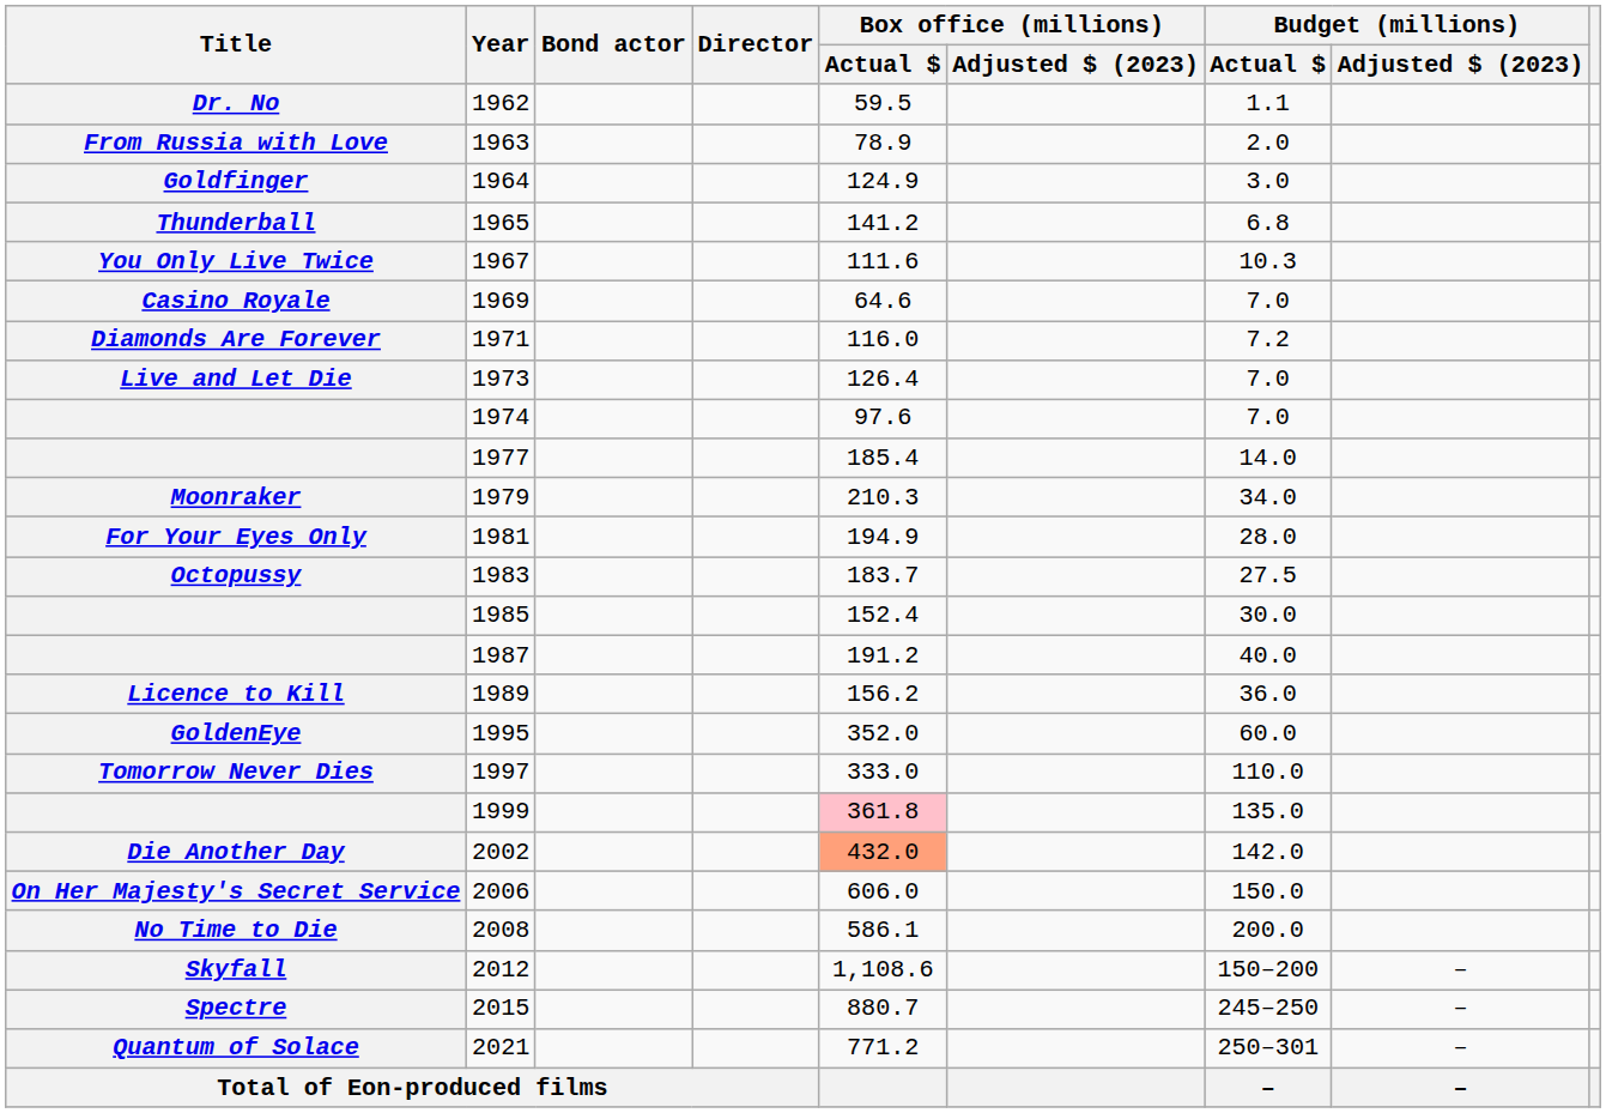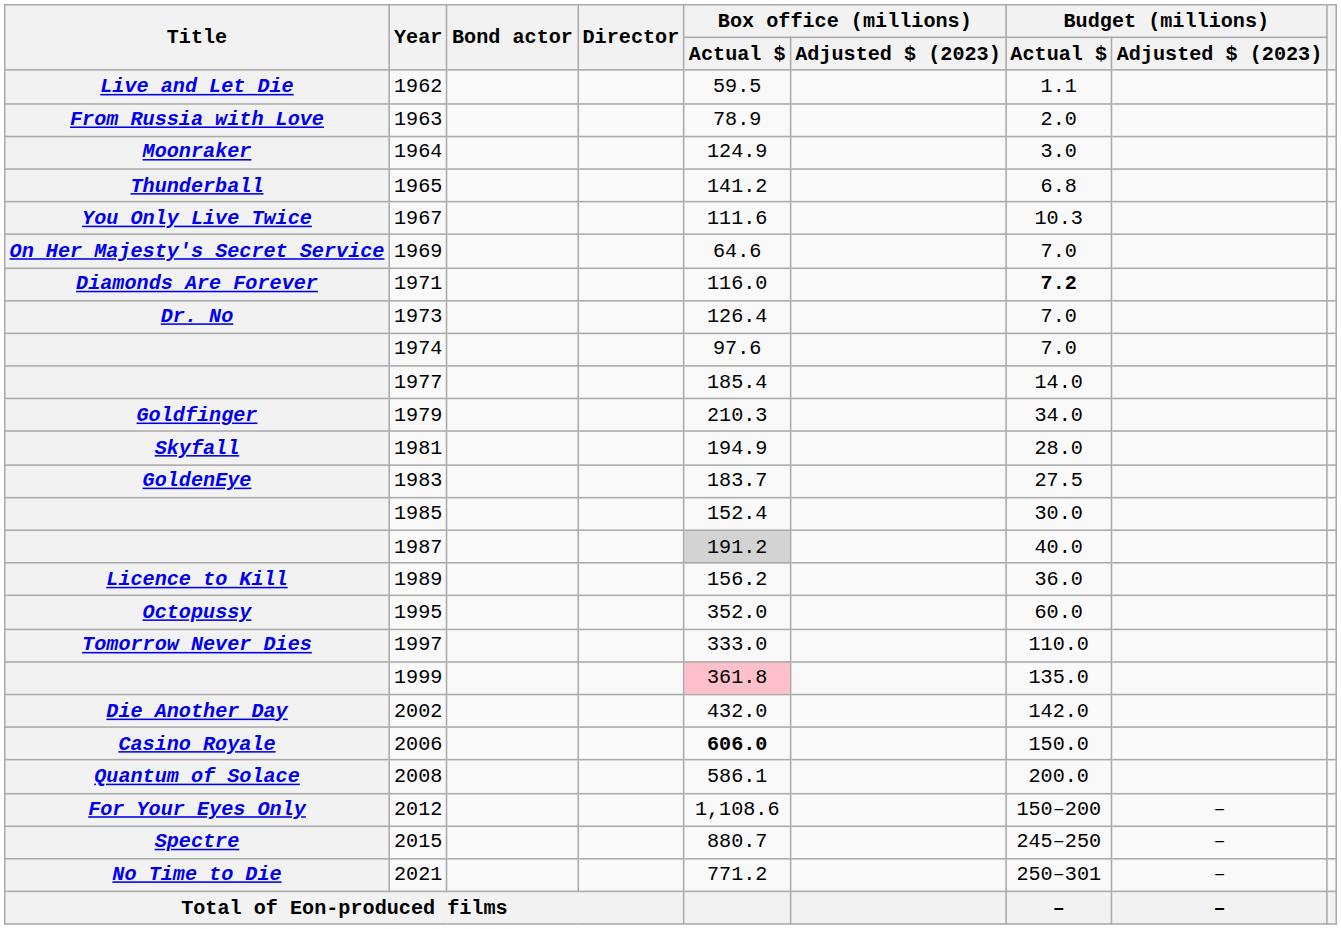 <table class="wikitable plainrowheaders sortable sticky-header-multi" style="text-align:center; ">
 <tr>
 <th rowspan="2" scope="col">Title</th>
 <th rowspan="2" scope="col">Year</th>
 <th rowspan="2" scope="col">Bond actor</th>
 <th rowspan="2" scope="col">Director</th>
 <th colspan="2" class="unsortable">Box office (millions)</th>
 <th colspan="2" class="unsortable">Budget (millions)</th>
 <th scope="col" rowspan="2" class="unsortable"></th>
 </tr>
 <tr class="unsortable">
 <th scope="col" data-sort-type="number">Actual $</th>
 <th scope="col" data-sort-type="number">Adjusted $ (2023)</th>
 <th scope="col" data-sort-type="number">Actual $</th>
 <th scope="col" data-sort-type="number">Adjusted $ (2023)</th>
 </tr>
 <tr>
-<th scope="row" ><em><a href='#'>Dr. No</a></em></th>
+<th scope="row"><em><a href='#'>Live and Let Die</a></em></th>
 <td>1962</td>
 <td></td>
 <td></td>
 <td>59.5</td>
 <td></td>
 <td>1.1</td>
 <td></td>
 <td></td>
 </tr>
 <tr>
 <th scope="row"><em><a href='#'>From Russia with Love</a></em></th>
 <td>1963</td>
 <td></td>
 <td></td>
 <td>78.9</td>
 <td></td>
 <td>2.0</td>
 <td></td>
 <td></td>
 </tr>
 <tr>
-<th scope="row"><em><a href='#'>Goldfinger</a></em></th>
+<th scope="row"><em><a href='#'>Moonraker</a></em></th>
 <td>1964</td>
 <td></td>
 <td></td>
 <td>124.9</td>
 <td></td>
 <td>3.0</td>
 <td></td>
 <td></td>
 </tr>
 <tr>
 <th scope="row"><em><a href='#'>Thunderball</a></em></th>
 <td>1965</td>
 <td></td>
 <td></td>
 <td>141.2</td>
 <td></td>
 <td>6.8</td>
 <td></td>
 <td></td>
 </tr>
 <tr>
 <th scope="row"><em><a href='#'>You Only Live Twice</a></em></th>
 <td>1967</td>
 <td></td>
 <td></td>
 <td>111.6</td>
 <td></td>
 <td>10.3</td>
 <td></td>
 <td></td>
 </tr>
 <tr>
-<th scope="row"><em><a href='#'>Casino Royale</a></em></th>
+<th scope="row"><em><a href='#'>On Her Majesty's Secret Service</a></em></th>
 <td>1969</td>
 <td></td>
 <td></td>
 <td>64.6</td>
 <td></td>
 <td>7.0</td>
 <td></td>
 <td></td>
 </tr>
 <tr>
 <th scope="row"><em><a href='#'>Diamonds Are Forever</a></em></th>
 <td>1971</td>
 <td></td>
 <td></td>
 <td>116.0</td>
 <td></td>
-<td>7.2</td>
+<td><strong>7.2</strong></td>
 <td></td>
 <td></td>
 </tr>
 <tr>
-<th scope="row"><em><a href='#'>Live and Let Die</a></em></th>
+<th scope="row" ><em><a href='#'>Dr. No</a></em></th>
 <td>1973</td>
 <td></td>
 <td></td>
 <td>126.4</td>
 <td></td>
 <td>7.0</td>
 <td></td>
 <td></td>
 </tr>
 <tr>
 <th scope="row"><em></em></th>
 <td>1974</td>
 <td></td>
 <td></td>
 <td>97.6</td>
 <td></td>
 <td>7.0</td>
 <td></td>
 <td></td>
 </tr>
 <tr>
 <th scope="row"><em></em></th>
 <td>1977</td>
 <td></td>
 <td></td>
 <td>185.4</td>
 <td></td>
 <td>14.0</td>
 <td></td>
 <td></td>
 </tr>
 <tr>
-<th scope="row"><em><a href='#'>Moonraker</a></em></th>
+<th scope="row"><em><a href='#'>Goldfinger</a></em></th>
 <td>1979</td>
 <td></td>
 <td></td>
 <td>210.3</td>
 <td></td>
 <td>34.0</td>
 <td></td>
 <td></td>
 </tr>
 <tr>
-<th scope="row"><em><a href='#'>For Your Eyes Only</a></em></th>
+<th scope="row"><em><a href='#'>Skyfall</a></em></th>
 <td>1981</td>
 <td></td>
 <td></td>
 <td>194.9</td>
 <td></td>
 <td>28.0</td>
 <td></td>
 <td></td>
 </tr>
 <tr>
-<th scope="row"><em><a href='#'>Octopussy</a></em></th>
+<th scope="row"><em><a href='#'>GoldenEye</a></em></th>
 <td>1983</td>
 <td></td>
 <td></td>
 <td>183.7</td>
 <td></td>
 <td>27.5</td>
 <td></td>
 <td></td>
 </tr>
 <tr>
 <th scope="row"><em></em></th>
 <td>1985</td>
 <td></td>
 <td></td>
 <td>152.4</td>
 <td></td>
 <td>30.0</td>
 <td></td>
 <td></td>
 </tr>
 <tr>
 <th scope="row"><em></em></th>
 <td>1987</td>
 <td></td>
 <td></td>
-<td>191.2</td>
+<td style="background: lightgrey;">191.2</td>
 <td></td>
 <td>40.0</td>
 <td></td>
 <td></td>
 </tr>
 <tr>
 <th scope="row"><em><a href='#'>Licence to Kill</a></em></th>
 <td>1989</td>
 <td></td>
 <td></td>
 <td>156.2</td>
 <td></td>
 <td>36.0</td>
 <td></td>
 <td></td>
 </tr>
 <tr>
-<th scope="row"><em><a href='#'>GoldenEye</a></em></th>
+<th scope="row"><em><a href='#'>Octopussy</a></em></th>
 <td>1995</td>
 <td></td>
 <td></td>
 <td>352.0</td>
 <td></td>
 <td>60.0</td>
 <td></td>
 <td></td>
 </tr>
 <tr>
 <th scope="row"><em><a href='#'>Tomorrow Never Dies</a></em></th>
 <td>1997</td>
 <td></td>
 <td></td>
 <td>333.0</td>
 <td></td>
 <td>110.0</td>
 <td></td>
 <td></td>
 </tr>
 <tr>
 <th scope="row"><em></em></th>
 <td>1999</td>
 <td></td>
 <td></td>
 <td style="background: pink;">361.8</td>
 <td></td>
 <td>135.0</td>
 <td></td>
 <td></td>
 </tr>
 <tr>
 <th scope="row"><em><a href='#'>Die Another Day</a></em></th>
 <td>2002</td>
 <td></td>
 <td></td>
-<td style="background: lightsalmon;">432.0</td>
+<td>432.0</td>
 <td></td>
 <td>142.0</td>
 <td></td>
 <td></td>
 </tr>
 <tr>
-<th scope="row"><em><a href='#'>On Her Majesty's Secret Service</a></em></th>
+<th scope="row"><em><a href='#'>Casino Royale</a></em></th>
 <td>2006</td>
 <td></td>
 <td></td>
-<td>606.0 </td>
+<td><strong>606.0 </strong></td>
 <td></td>
 <td>150.0</td>
 <td></td>
 <td></td>
 </tr>
 <tr>
-<th scope="row"><em><a href='#'>No Time to Die</a></em></th>
+<th scope="row"><em><a href='#'>Quantum of Solace</a></em></th>
 <td>2008</td>
 <td></td>
 <td></td>
 <td>586.1</td>
 <td></td>
 <td>200.0</td>
 <td></td>
 <td></td>
 </tr>
 <tr>
-<th scope="row"><em><a href='#'>Skyfall</a></em></th>
+<th scope="row"><em><a href='#'>For Your Eyes Only</a></em></th>
 <td>2012</td>
 <td></td>
 <td></td>
 <td>1,108.6</td>
 <td></td>
 <td>150–200</td>
 <td>–</td>
 <td></td>
 </tr>
 <tr>
 <th scope="row"><em><a href='#'>Spectre</a></em></th>
 <td>2015</td>
 <td></td>
 <td></td>
 <td>880.7</td>
 <td></td>
 <td>245–250</td>
 <td>–</td>
 <td></td>
 </tr>
 <tr>
-<th scope="row"><em><a href='#'>Quantum of Solace</a></em></th>
+<th scope="row"><em><a href='#'>No Time to Die</a></em></th>
 <td>2021</td>
 <td></td>
 <td></td>
 <td>771.2</td>
 <td></td>
 <td>250–301</td>
 <td>–</td>
 <td></td>
 </tr>
 <tr>
 <th scope="col" colspan=4>Total of Eon-produced films</th>
 <th></th>
 <th></th>
 <th><strong>–</strong></th>
 <th>–</th>
 <th></th>
 </tr>
 </table>
